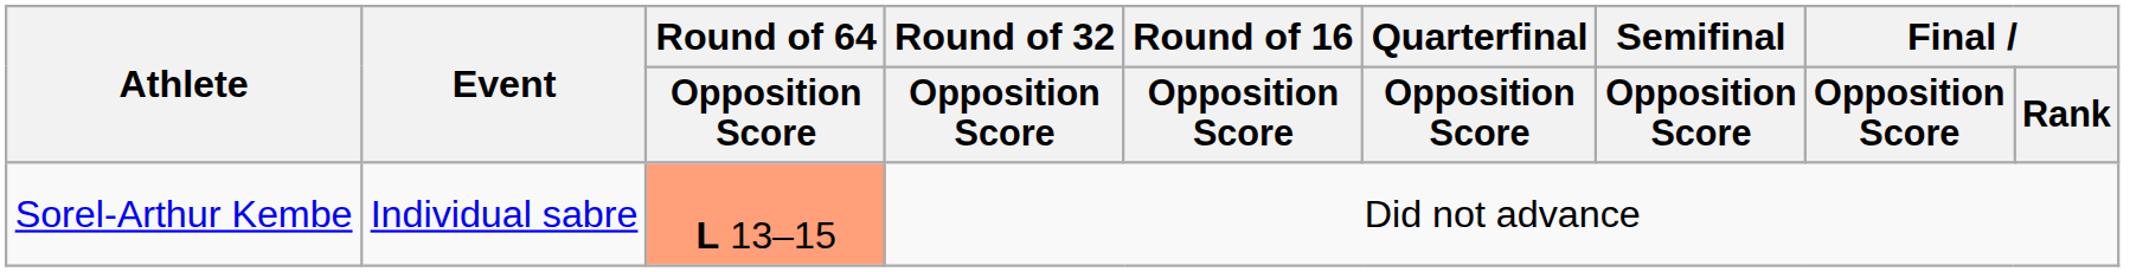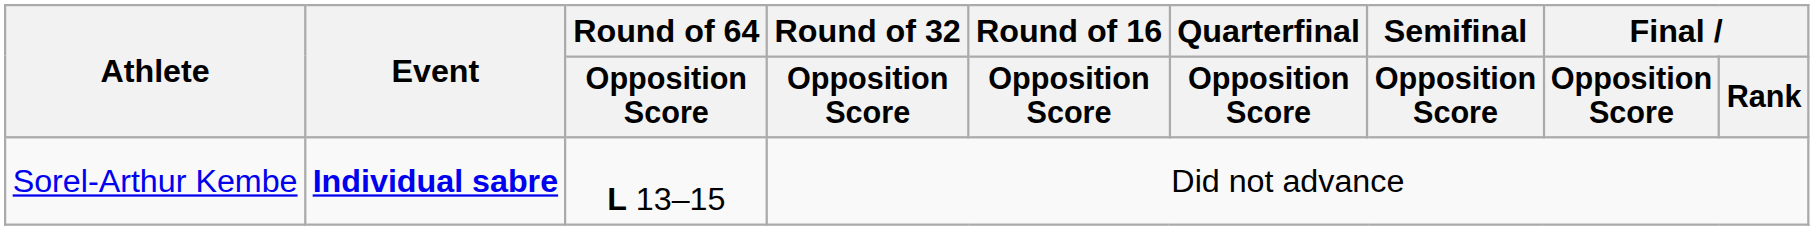 <table class="wikitable" style="font-size:90%">
 <tr>
 <th rowspan="2">Athlete</th>
 <th rowspan="2">Event</th>
 <th>Round of 64</th>
 <th>Round of 32</th>
 <th>Round of 16</th>
 <th>Quarterfinal</th>
 <th>Semifinal</th>
 <th colspan=2>Final / </th>
 </tr>
 <tr style="font-size:95%">
 <th>Opposition <br> Score</th>
 <th>Opposition <br> Score</th>
 <th>Opposition <br> Score</th>
 <th>Opposition <br> Score</th>
 <th>Opposition <br> Score</th>
 <th>Opposition <br> Score</th>
 <th>Rank</th>
 </tr>
 <tr align=center>
 <td align=left><a href='#'>Sorel-Arthur Kembe</a></td>
-<td align=left><a href='#'>Individual sabre</a></td>
-<td style="background: lightsalmon;"><br><strong>L</strong> 13–15</td>
+<td align=left><strong><a href='#'>Individual sabre</a></strong></td>
+<td><br><strong>L</strong> 13–15</td>
 <td colspan=7>Did not advance</td>
 </tr>
 </table>
